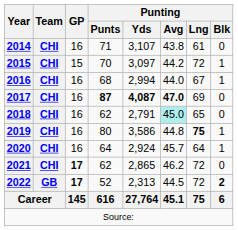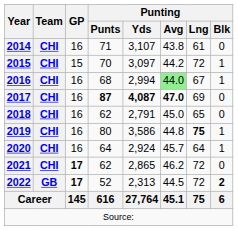 <table class="wikitable" style="text-align:center">
 <tr>
 <th rowspan="2">Year</th>
 <th rowspan="2">Team</th>
 <th rowspan="2">GP</th>
 <th colspan="5">Punting</th>
 </tr>
 <tr>
 <th>Punts</th>
 <th>Yds</th>
 <th>Avg</th>
 <th>Lng</th>
 <th>Blk</th>
 </tr>
 <tr>
 <th><a href='#'>2014</a></th>
 <th><a href='#'>CHI</a></th>
 <td>16</td>
 <td>71</td>
 <td>3,107</td>
 <td>43.8</td>
 <td>61</td>
 <td>0</td>
 </tr>
 <tr>
 <th><a href='#'>2015</a></th>
 <th><a href='#'>CHI</a></th>
 <td>15</td>
 <td>70</td>
 <td>3,097</td>
 <td>44.2</td>
 <td>72</td>
 <td>1</td>
 </tr>
 <tr>
 <th><a href='#'>2016</a></th>
 <th><a href='#'>CHI</a></th>
 <td>16</td>
 <td>68</td>
 <td>2,994</td>
-<td>44.0</td>
+<td style="background: lightgreen;">44.0</td>
 <td>67</td>
 <td>1</td>
 </tr>
 <tr>
 <th><a href='#'>2017</a></th>
 <th><a href='#'>CHI</a></th>
 <td>16</td>
 <td><strong>87</strong></td>
 <td><strong>4,087</strong></td>
 <td><strong>47.0</strong></td>
 <td>69</td>
 <td>0</td>
 </tr>
 <tr>
 <th><a href='#'>2018</a></th>
 <th><a href='#'>CHI</a></th>
 <td>16</td>
 <td>62</td>
 <td>2,791</td>
-<td style="background: paleturquoise;">45.0</td>
+<td>45.0</td>
 <td>65</td>
 <td>0</td>
 </tr>
 <tr>
 <th><a href='#'>2019</a></th>
 <th><a href='#'>CHI</a></th>
 <td>16</td>
 <td>80</td>
 <td>3,586</td>
 <td>44.8</td>
 <td><strong>75</strong></td>
 <td>1</td>
 </tr>
 <tr>
 <th><a href='#'>2020</a></th>
 <th><a href='#'>CHI</a></th>
 <td>16</td>
 <td>64</td>
 <td>2,924</td>
 <td>45.7</td>
 <td>64</td>
 <td>1</td>
 </tr>
 <tr>
 <th><a href='#'>2021</a></th>
 <th><a href='#'>CHI</a></th>
 <td><strong>17</strong></td>
 <td>62</td>
 <td>2,865</td>
 <td>46.2</td>
 <td>72</td>
 <td>0</td>
 </tr>
 <tr>
 <th><a href='#'>2022</a></th>
 <th><a href='#'>GB</a></th>
 <td><strong>17</strong></td>
 <td>52</td>
 <td>2,313</td>
 <td>44.5</td>
 <td>72</td>
 <td><strong>2</strong></td>
 </tr>
 <tr>
 <th colspan="2">Career</th>
 <th>145</th>
 <th>616</th>
 <th>27,764</th>
 <th>45.1</th>
 <th>75</th>
 <th>6</th>
 </tr>
 <tr>
 <td colspan="8"><small>Source: </small></td>
 </tr>
 </table>
